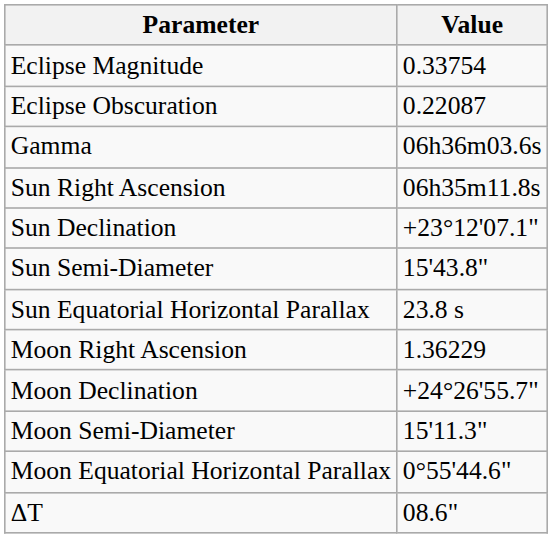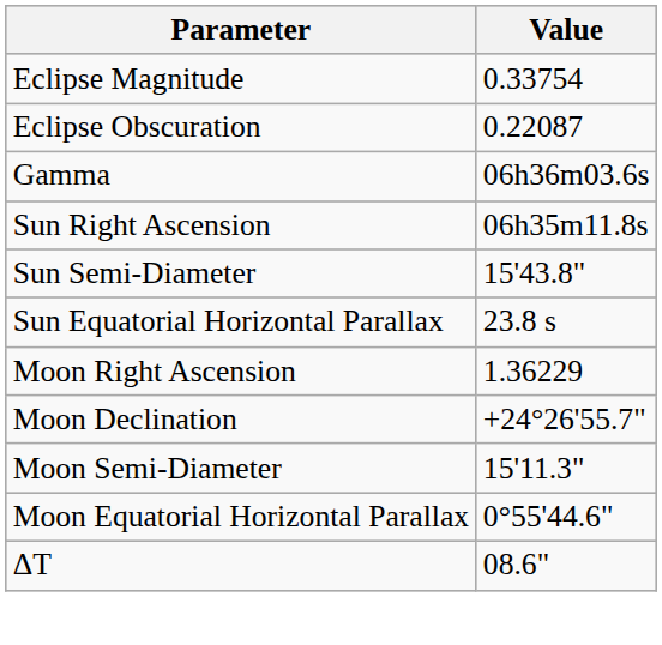 <table class="wikitable">
 <tr>
 <th>Parameter</th>
 <th>Value</th>
 </tr>
 <tr>
 <td>Eclipse Magnitude</td>
 <td>0.33754</td>
 </tr>
 <tr>
 <td>Eclipse Obscuration</td>
 <td>0.22087</td>
 </tr>
 <tr>
 <td>Gamma</td>
 <td>06h36m03.6s</td>
 </tr>
 <tr>
 <td>Sun Right Ascension</td>
 <td>06h35m11.8s</td>
-</tr>
-<tr>
-<td>Sun Declination</td>
-<td>+23°12'07.1"</td>
 </tr>
 <tr>
 <td>Sun Semi-Diameter</td>
 <td>15'43.8"</td>
 </tr>
 <tr>
 <td>Sun Equatorial Horizontal Parallax</td>
 <td>23.8 s</td>
 </tr>
 <tr>
 <td>Moon Right Ascension</td>
 <td>1.36229</td>
 </tr>
 <tr>
 <td>Moon Declination</td>
 <td>+24°26'55.7"</td>
 </tr>
 <tr>
 <td>Moon Semi-Diameter</td>
 <td>15'11.3"</td>
 </tr>
 <tr>
 <td>Moon Equatorial Horizontal Parallax</td>
 <td>0°55'44.6"</td>
 </tr>
 <tr>
 <td>ΔT</td>
 <td>08.6"</td>
 </tr>
 </table>
